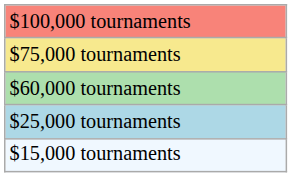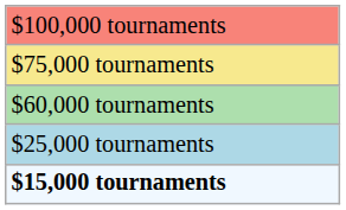 <table class="wikitable" style="font-size:85%;" width=15%>
 <tr style="background:#f88379;">
 <td>$100,000 tournaments</td>
 </tr>
 <tr style="background:#f7e98e;">
 <td>$75,000 tournaments</td>
 </tr>
 <tr style="background:#addfad;">
 <td>$60,000 tournaments</td>
 </tr>
 <tr style="background:lightblue;">
 <td>$25,000 tournaments</td>
 </tr>
 <tr style="background:#f0f8ff;">
-<td>$15,000 tournaments</td>
+<td><strong>$15,000 tournaments</strong></td>
 </tr>
 </table>
